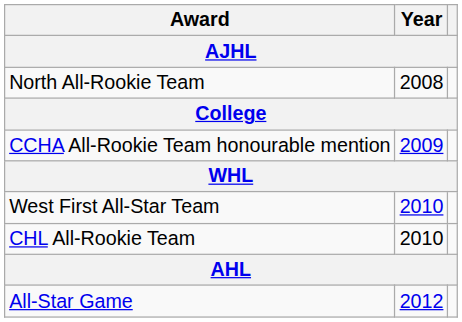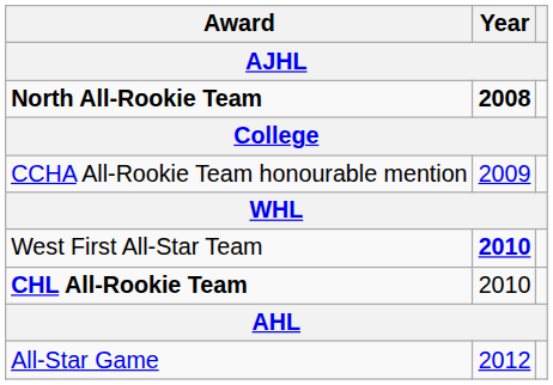 <table class="wikitable">
 <tr>
 <th>Award</th>
 <th>Year</th>
 <th></th>
 </tr>
 <tr>
 <th colspan="3"><a href='#'>AJHL</a></th>
 </tr>
 <tr>
-<td>North All-Rookie Team</td>
-<td>2008</td>
+<td><strong>North All-Rookie Team</strong></td>
+<td><strong>2008</strong></td>
 <td></td>
 </tr>
 <tr>
 <th colspan="3"><a href='#'>College</a></th>
 </tr>
 <tr>
 <td><a href='#'>CCHA</a> All-Rookie Team honourable mention</td>
 <td><a href='#'>2009</a></td>
 <td></td>
 </tr>
 <tr>
 <th colspan="3"><a href='#'>WHL</a></th>
 </tr>
 <tr>
 <td>West First All-Star Team</td>
-<td><a href='#'>2010</a></td>
+<td><strong><a href='#'>2010</a></strong></td>
 <td></td>
 </tr>
 <tr>
-<td><a href='#'>CHL</a> All-Rookie Team</td>
+<td><strong><a href='#'>CHL</a> All-Rookie Team</strong></td>
 <td>2010</td>
 <td></td>
 </tr>
 <tr>
 <th colspan="3"><a href='#'>AHL</a></th>
 </tr>
 <tr>
 <td><a href='#'>All-Star Game</a></td>
 <td><a href='#'>2012</a></td>
 <td></td>
 </tr>
 </table>
